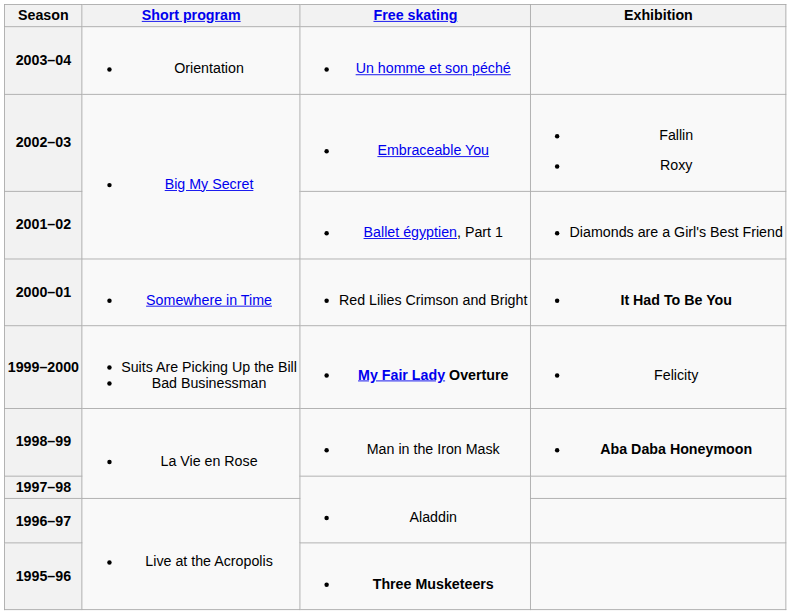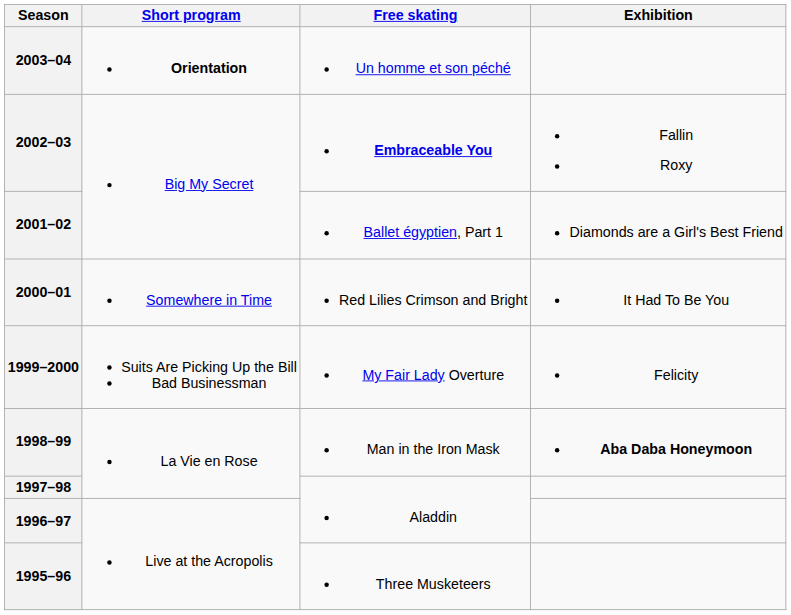 <table class=wikitable style=text-align:center>
 <tr>
 <th>Season</th>
 <th><a href='#'>Short program</a></th>
 <th><a href='#'>Free skating</a></th>
 <th>Exhibition</th>
 </tr>
 <tr>
 <th>2003–04 <br> </th>
-<td><br><ul><li>Orientation <br></li></ul></td>
+<td><strong><br><ul><li>Orientation <br></li></ul></strong></td>
 <td><br><ul><li><a href='#'>Un homme et son péché</a> <br></li></ul></td>
 <td></td>
 </tr>
 <tr>
 <th>2002–03 <br> </th>
 <td rowspan=2><br><ul><li><a href='#'>Big My Secret</a> <br></li></ul></td>
-<td><br><ul><li><a href='#'>Embraceable You</a> <br></li></ul></td>
+<td><strong><br><ul><li><a href='#'>Embraceable You</a> <br></li></ul></strong></td>
 <td><br><ul><li>Fallin</li></ul><ul><li>Roxy</li></ul></td>
 </tr>
 <tr>
 <th>2001–02 <br> </th>
 <td><br><ul><li><a href='#'>Ballet égyptien</a>, Part 1 <br></li></ul></td>
 <td><br><ul><li>Diamonds are a Girl's Best Friend</li></ul></td>
 </tr>
 <tr>
 <th>2000–01 <br> </th>
 <td><br><ul><li><a href='#'>Somewhere in Time</a> <br></li></ul></td>
 <td><br><ul><li>Red Lilies Crimson and Bright <br></li></ul></td>
-<td><strong><br><ul><li>It Had To Be You</li></ul></strong></td>
+<td><br><ul><li>It Had To Be You</li></ul></td>
 </tr>
 <tr>
 <th>1999–2000 <br> </th>
 <td><br><ul><li>Suits Are Picking Up the Bill</li><li>Bad Businessman <br></li></ul></td>
-<td><strong><br><ul><li><a href='#'>My Fair Lady</a> Overture</li></ul></strong></td>
+<td><br><ul><li><a href='#'>My Fair Lady</a> Overture</li></ul></td>
 <td><br><ul><li>Felicity</li></ul></td>
 </tr>
 <tr>
 <th>1998–99 <br> </th>
 <td rowspan=2><br><ul><li>La Vie en Rose</li></ul></td>
 <td><br><ul><li>Man in the Iron Mask</li></ul></td>
 <td><strong><br><ul><li>Aba Daba Honeymoon</li></ul></strong></td>
 </tr>
 <tr>
 <th>1997–98 <br> </th>
 <td rowspan=2><br><ul><li>Aladdin</li></ul></td>
 <td></td>
 </tr>
 <tr>
 <th>1996–97 <br> </th>
 <td rowspan=2><br><ul><li>Live at the Acropolis</li></ul></td>
 <td></td>
 </tr>
 <tr>
 <th>1995–96 <br> </th>
-<td><strong><br><ul><li>Three Musketeers</li></ul></strong></td>
+<td><br><ul><li>Three Musketeers</li></ul></td>
 <td></td>
 </tr>
 </table>
